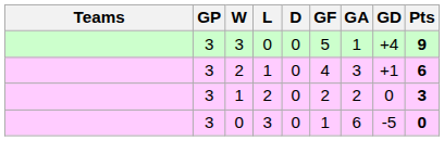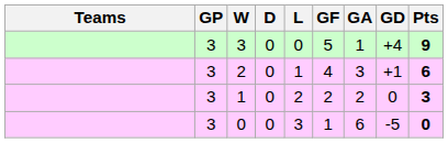 <table class=wikitable style="text-align:center">
 <tr>
 <th width=175>Teams</th>
 <th width=20>GP</th>
 <th width=20>W</th>
+<th width=20>D</th>
 <th width=20>L</th>
-<th width=20>D</th>
 <th width=20>GF</th>
 <th width=20>GA</th>
 <th width=20>GD</th>
 <th width=20>Pts</th>
 </tr>
 <tr style="background:#ccffcc;">
 <td style="text-align:left;"></td>
 <td>3</td>
 <td>3</td>
 <td>0</td>
 <td>0</td>
 <td>5</td>
 <td>1</td>
 <td>+4</td>
 <td><strong>9</strong></td>
 </tr>
 <tr style="background:#ffccff;">
 <td style="text-align:left;"></td>
 <td>3</td>
 <td>2</td>
+<td>0</td>
 <td>1</td>
-<td>0</td>
 <td>4</td>
 <td>3</td>
 <td>+1</td>
 <td><strong>6</strong></td>
 </tr>
 <tr style="background:#ffccff;">
 <td style="text-align:left;"></td>
 <td>3</td>
 <td>1</td>
+<td>0</td>
 <td>2</td>
-<td>0</td>
 <td>2</td>
 <td>2</td>
 <td>0</td>
 <td><strong>3</strong></td>
 </tr>
 <tr style="background:#ffccff;">
 <td style="text-align:left;"></td>
 <td>3</td>
 <td>0</td>
+<td>0</td>
 <td>3</td>
-<td>0</td>
 <td>1</td>
 <td>6</td>
 <td>-5</td>
 <td><strong>0</strong></td>
 </tr>
 </table>
